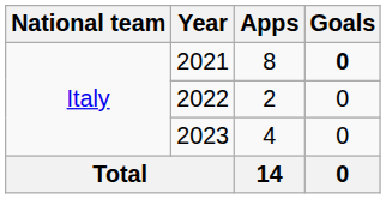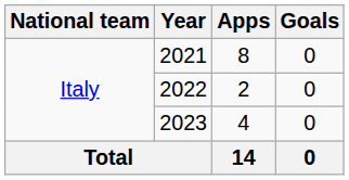 <table class="wikitable" style="text-align:center">
 <tr>
 <th>National team</th>
 <th>Year</th>
 <th>Apps</th>
 <th>Goals</th>
 </tr>
 <tr>
 <td rowspan="3"><a href='#'>Italy</a></td>
 <td>2021</td>
 <td>8</td>
-<td><strong>0</strong></td>
+<td>0</td>
 </tr>
 <tr>
 <td>2022</td>
 <td>2</td>
 <td>0</td>
 </tr>
 <tr>
 <td>2023</td>
 <td>4</td>
 <td>0</td>
 </tr>
 <tr>
 <th colspan="2">Total</th>
 <th>14</th>
 <th>0</th>
 </tr>
 </table>
